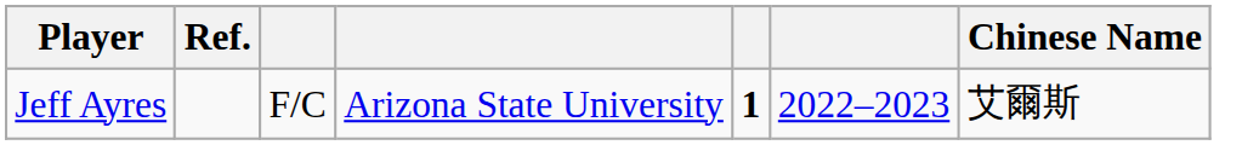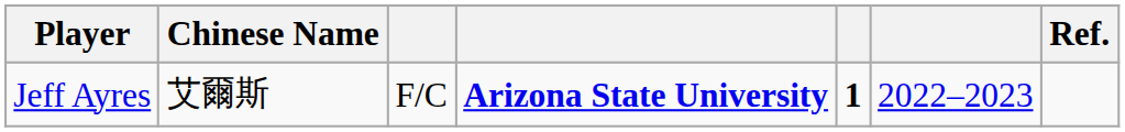 <table class="wikitable sortable" style="font-size:95%; text-align:left;">
 <tr>
 <th>Player</th>
-<th>Ref.</th>
+<th>Chinese Name</th>
 <th></th>
 <th></th>
 <th></th>
 <th></th>
-<th>Chinese Name</th>
+<th>Ref.</th>
 </tr>
 <tr>
 <td><a href='#'>Jeff Ayres</a></td>
-<td></td>
+<td>艾爾斯</td>
 <td align="center">F/C</td>
-<td><a href='#'>Arizona State University</a></td>
+<td><strong><a href='#'>Arizona State University</a></strong></td>
 <td align="center"><strong>1</strong></td>
 <td align="center"><a href='#'>2022–2023</a></td>
-<td>艾爾斯</td>
+<td></td>
 </tr>
 </table>
